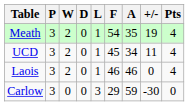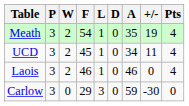 <table class="wikitable">
 <tr>
 <th>Table</th>
 <th>P</th>
 <th>W</th>
+<th>F</th>
+<th>L</th>
 <th>D</th>
-<th>L</th>
-<th>F</th>
 <th>A</th>
 <th>+/-</th>
 <th>Pts</th>
 </tr>
 <tr style="text-align:Center; background:#cfc;">
 <td> <a href='#'>Meath</a></td>
 <td>3</td>
 <td>2</td>
+<td>54</td>
+<td>1</td>
 <td>0</td>
-<td>1</td>
-<td>54</td>
 <td>35</td>
 <td>19</td>
 <td>4</td>
 </tr>
 <tr style="text-align:Center;">
 <td> <a href='#'>UCD</a></td>
 <td>3</td>
 <td>2</td>
+<td>45</td>
+<td>1</td>
 <td>0</td>
-<td>1</td>
-<td>45</td>
 <td>34</td>
 <td>11</td>
 <td>4</td>
 </tr>
 <tr style="text-align:Center;">
 <td> <a href='#'>Laois</a></td>
 <td>3</td>
 <td>2</td>
+<td>46</td>
+<td>1</td>
 <td>0</td>
-<td>1</td>
-<td>46</td>
 <td>46</td>
 <td>0</td>
 <td>4</td>
 </tr>
 <tr style="text-align:Center;">
 <td> <a href='#'>Carlow</a></td>
 <td>3</td>
 <td>0</td>
+<td>29</td>
+<td>3</td>
 <td>0</td>
-<td>3</td>
-<td>29</td>
 <td>59</td>
 <td>-30</td>
 <td>0</td>
 </tr>
 </table>
